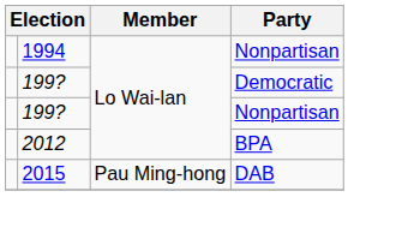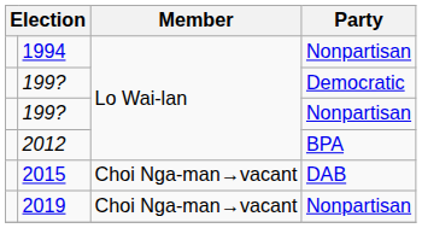 <table class="wikitable">
 <tr>
 <th colspan="2">Election</th>
 <th>Member</th>
 <th>Party</th>
 </tr>
 <tr>
 <td style="color:inherit;background:"></td>
 <td><a href='#'>1994</a></td>
 <td rowspan=4>Lo Wai-lan</td>
 <td><a href='#'>Nonpartisan</a></td>
 </tr>
 <tr>
 <td style="color:inherit;background:"></td>
 <td><em>199?</em></td>
 <td><a href='#'>Democratic</a></td>
 </tr>
 <tr>
 <td style="color:inherit;background:"></td>
 <td><em>199?</em></td>
 <td><a href='#'>Nonpartisan</a></td>
 </tr>
 <tr>
 <td style="color:inherit;background:"></td>
 <td><em>2012</em></td>
 <td><a href='#'>BPA</a></td>
 </tr>
 <tr>
 <td style="color:inherit;background:"></td>
 <td><a href='#'>2015</a></td>
-<td>Pau Ming-hong</td>
+<td>Choi Nga-man→vacant</td>
 <td><a href='#'>DAB</a></td>
+</tr>
+<tr>
+<td style="color:inherit;background:"></td>
+<td><a href='#'>2019</a></td>
+<td>Choi Nga-man→vacant</td>
+<td><a href='#'>Nonpartisan</a></td>
 </tr>
 <tr>
 </tr>
 </table>
